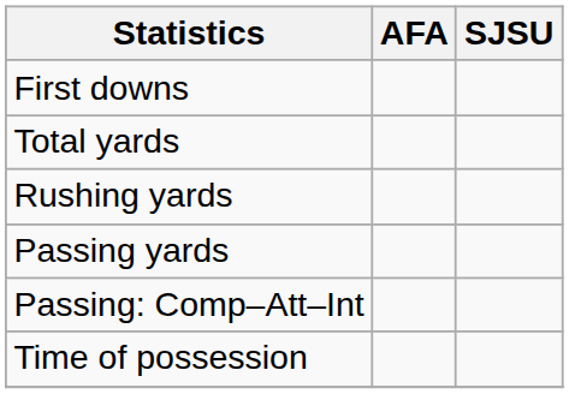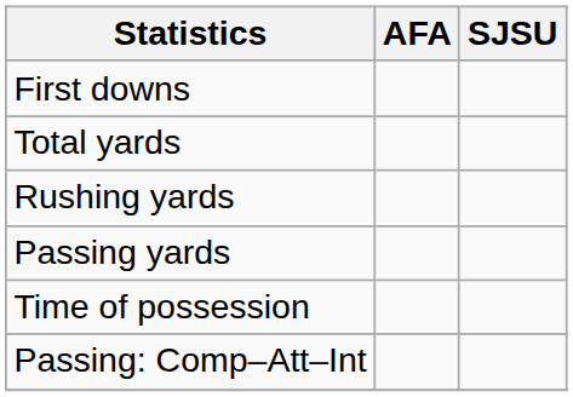 <table class="wikitable" style="float: left;">
 <tr>
 <th>Statistics</th>
 <th>AFA</th>
 <th>SJSU</th>
 </tr>
 <tr>
 <td>First downs</td>
 <td></td>
 <td></td>
 </tr>
 <tr>
 <td>Total yards</td>
 <td></td>
 <td></td>
 </tr>
 <tr>
 <td>Rushing yards</td>
 <td></td>
 <td></td>
 </tr>
 <tr>
 <td>Passing yards</td>
 <td></td>
 <td></td>
 </tr>
 <tr>
-<td>Passing: Comp–Att–Int</td>
+<td>Time of possession</td>
 <td></td>
 <td></td>
 </tr>
 <tr>
-<td>Time of possession</td>
+<td>Passing: Comp–Att–Int</td>
 <td></td>
 <td></td>
 </tr>
 <tr>
 </tr>
 </table>
